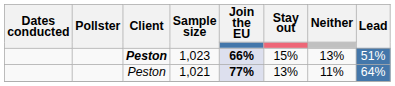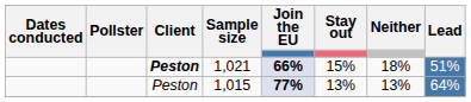 <table class="wikitable sortable mw-datatable" style="text-align:center;line-height:14px;">
 <tr>
 <th rowspan="2">Dates<br>conducted</th>
 <th rowspan="2">Pollster</th>
 <th rowspan="2">Client</th>
 <th rowspan="2" data-sort-type="number">Sample<br>size</th>
 <th class="unsortable" style="width:50px;">Join the EU</th>
 <th class="unsortable" style="width:50px;">Stay out</th>
 <th class="unsortable" style="width:50px;">Neither</th>
 <th rowspan="2">Lead</th>
 </tr>
 <tr>
 <th data-sort-type="number" style="background:#4477AA;"></th>
 <th data-sort-type="number" style="background:#EE6677;"></th>
 <th data-sort-type="number" style="background:silver;"></th>
 </tr>
 <tr>
 <td></td>
 <td></td>
 <td><strong><em>Peston</em></strong></td>
-<td>1,023</td>
+<td>1,021</td>
 <td style="background:#DDE0EE"><strong>66%</strong></td>
 <td>15%</td>
-<td>13%</td>
+<td>18%</td>
 <td style="background:#4477AA;color:#FFFFFF;">51%</td>
 </tr>
 <tr>
 <td></td>
 <td></td>
 <td><em>Peston</em></td>
-<td>1,021</td>
+<td>1,015</td>
 <td style="background:#DDE0EE"><strong>77%</strong></td>
 <td>13%</td>
-<td>11%</td>
+<td>13%</td>
 <td style="background:#4477AA;color:#FFFFFF;">64%</td>
 </tr>
 <tr>
 </tr>
 </table>
